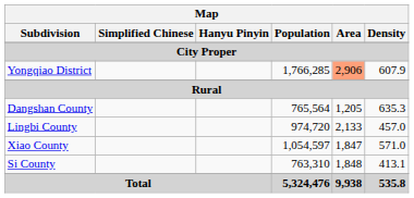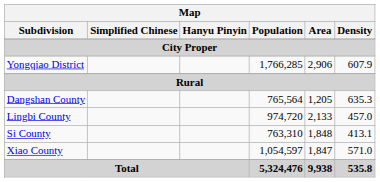 <table class="wikitable">
 <tr>
 <th colspan="6">Map<br>       </th>
 </tr>
 <tr>
 <th align=left>Subdivision</th>
 <th align=left>Simplified Chinese</th>
 <th align=left>Hanyu Pinyin</th>
 <th align=left>Population </th>
 <th align=left>Area </th>
 <th align=left>Density </th>
 </tr>
 <tr>
 </tr>
 <tr style="background:#d3d3d3;">
 <td colspan="6"  style="text-align:center; "><strong>City Proper</strong></td>
 </tr>
 <tr>
 <td align=left><a href='#'>Yongqiao District</a></td>
 <td align=left></td>
 <td align=left></td>
 <td align=right>1,766,285</td>
-<td align=right style="background: lightsalmon;">2,906</td>
+<td align=right>2,906</td>
 <td align=right>607.9</td>
 </tr>
 <tr>
 </tr>
 <tr style="background:#d3d3d3;">
 <td colspan="6"  style="text-align:center; "><strong>Rural</strong></td>
 </tr>
 <tr>
 <td align=left><a href='#'>Dangshan County</a></td>
 <td align=left></td>
 <td align=left></td>
 <td align=right>765,564</td>
 <td align=right>1,205</td>
 <td align=right>635.3</td>
 </tr>
 <tr>
 <td align=left><a href='#'>Lingbi County</a></td>
 <td align=left></td>
 <td align=left></td>
 <td align=right>974,720</td>
 <td align=right>2,133</td>
 <td align=right>457.0</td>
 </tr>
 <tr>
+<td align=left><a href='#'>Si County</a></td>
+<td align=left></td>
+<td align=left></td>
+<td align=right>763,310</td>
+<td align=right>1,848</td>
+<td align=right>413.1</td>
+</tr>
+<tr>
 <td align=left><a href='#'>Xiao County</a></td>
 <td align=left></td>
 <td align=left></td>
 <td align=right>1,054,597</td>
 <td align=right>1,847</td>
 <td align=right>571.0</td>
-</tr>
-<tr>
-<td align=left><a href='#'>Si County</a></td>
-<td align=left></td>
-<td align=left></td>
-<td align=right>763,310</td>
-<td align=right>1,848</td>
-<td align=right>413.1</td>
 </tr>
 <tr>
 </tr>
 <tr style="background:#d3d3d3;">
 <td colspan="3" style="text-align:center; "><strong>Total</strong></td>
 <td align=right><strong>5,324,476</strong></td>
 <td align=right><strong>9,938</strong></td>
 <td align=right><strong>535.8</strong></td>
 </tr>
 </table>
